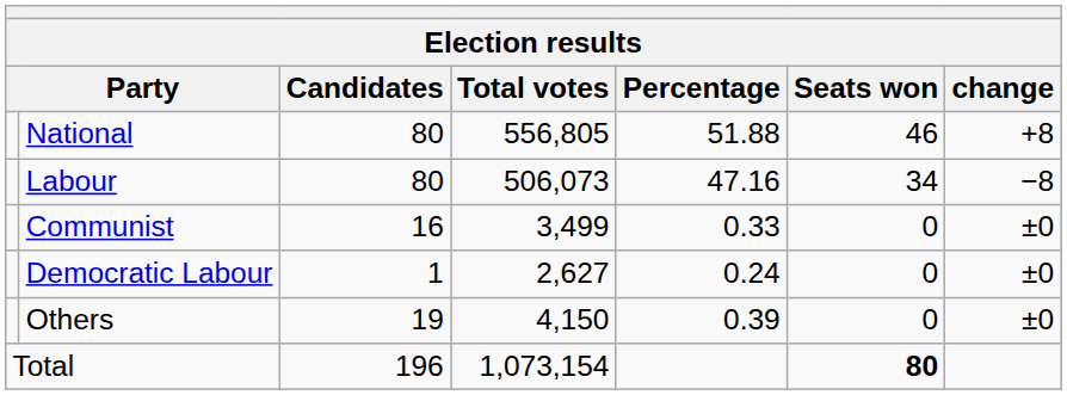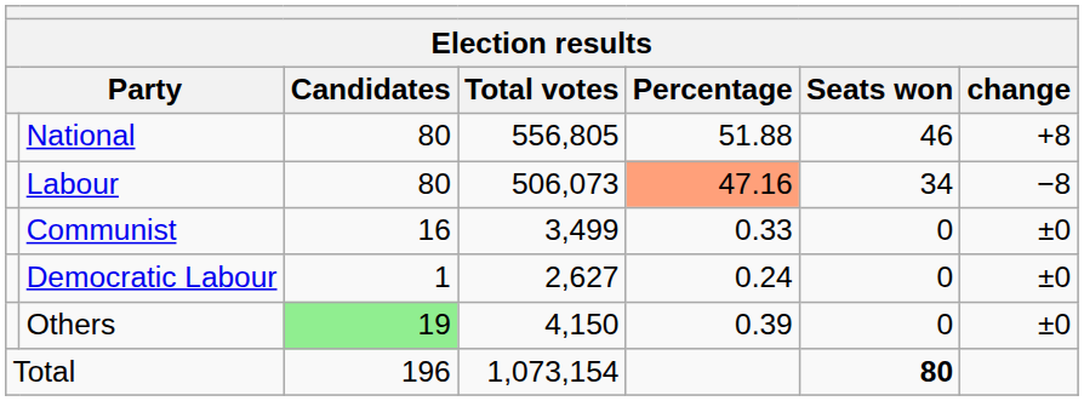 <table class="wikitable" style="text-align:right">
 <tr>
 <th colspan=7></th>
 </tr>
 <tr>
 <th colspan=7>Election results</th>
 </tr>
 <tr>
 <th colspan=2>Party</th>
 <th>Candidates</th>
 <th>Total votes</th>
 <th>Percentage</th>
 <th>Seats won</th>
 <th>change</th>
 </tr>
 <tr align=right>
 <td></td>
 <td align=left><a href='#'>National</a></td>
 <td>80</td>
 <td>556,805</td>
 <td>51.88</td>
 <td>46</td>
 <td>+8</td>
 </tr>
 <tr align=right>
 <td></td>
 <td align=left><a href='#'>Labour</a></td>
 <td>80</td>
 <td>506,073</td>
-<td>47.16</td>
+<td style="background: lightsalmon;">47.16</td>
 <td>34</td>
 <td>−8</td>
 </tr>
 <tr align=right>
 <td></td>
 <td align=left><a href='#'>Communist</a></td>
 <td>16</td>
 <td>3,499</td>
 <td>0.33</td>
 <td>0</td>
 <td>±0</td>
 </tr>
 <tr align=right>
 <td></td>
 <td align=left><a href='#'>Democratic Labour</a></td>
 <td>1</td>
 <td>2,627</td>
 <td>0.24</td>
 <td>0</td>
 <td>±0</td>
 </tr>
 <tr align=right>
 <td></td>
 <td align=left>Others</td>
-<td>19</td>
+<td style="background: lightgreen;">19</td>
 <td>4,150</td>
 <td>0.39</td>
 <td>0</td>
 <td>±0</td>
 </tr>
 <tr bgcolor=>
 <td colspan=2 align=left>Total</td>
 <td>196</td>
 <td>1,073,154</td>
 <td></td>
 <td><strong>80</strong></td>
 <td></td>
 </tr>
 </table>
